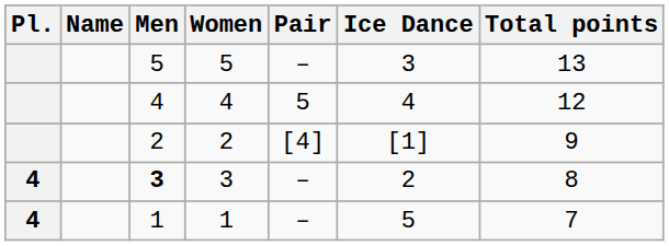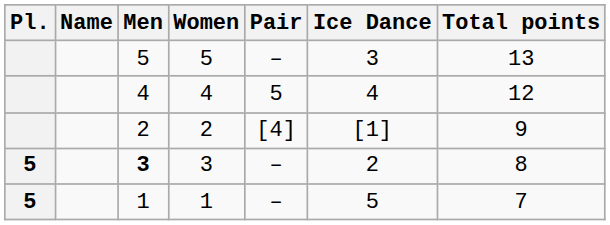 <table class="wikitable sortable" style="text-align:center">
 <tr>
 <th>Pl.</th>
 <th>Name</th>
 <th>Men</th>
 <th>Women</th>
 <th>Pair</th>
 <th>Ice Dance</th>
 <th>Total points</th>
 </tr>
 <tr>
 <th></th>
 <td align="left"></td>
 <td>5</td>
 <td>5</td>
 <td>–</td>
 <td>3</td>
 <td>13</td>
 </tr>
 <tr>
 <th></th>
 <td align="left"></td>
 <td>4</td>
 <td>4</td>
 <td>5</td>
 <td>4</td>
 <td>12</td>
 </tr>
 <tr>
 <th></th>
 <td align="left"></td>
 <td>2</td>
 <td>2</td>
 <td>[4]</td>
 <td>[1]</td>
 <td>9</td>
 </tr>
 <tr>
-<th>4</th>
+<th>5</th>
 <td align="left"></td>
 <td><strong>3</strong></td>
 <td>3</td>
 <td>–</td>
 <td>2</td>
 <td>8</td>
 </tr>
 <tr>
-<th>4</th>
+<th>5</th>
 <td align="left"></td>
 <td>1</td>
 <td>1</td>
 <td>–</td>
 <td>5</td>
 <td>7</td>
 </tr>
 </table>
